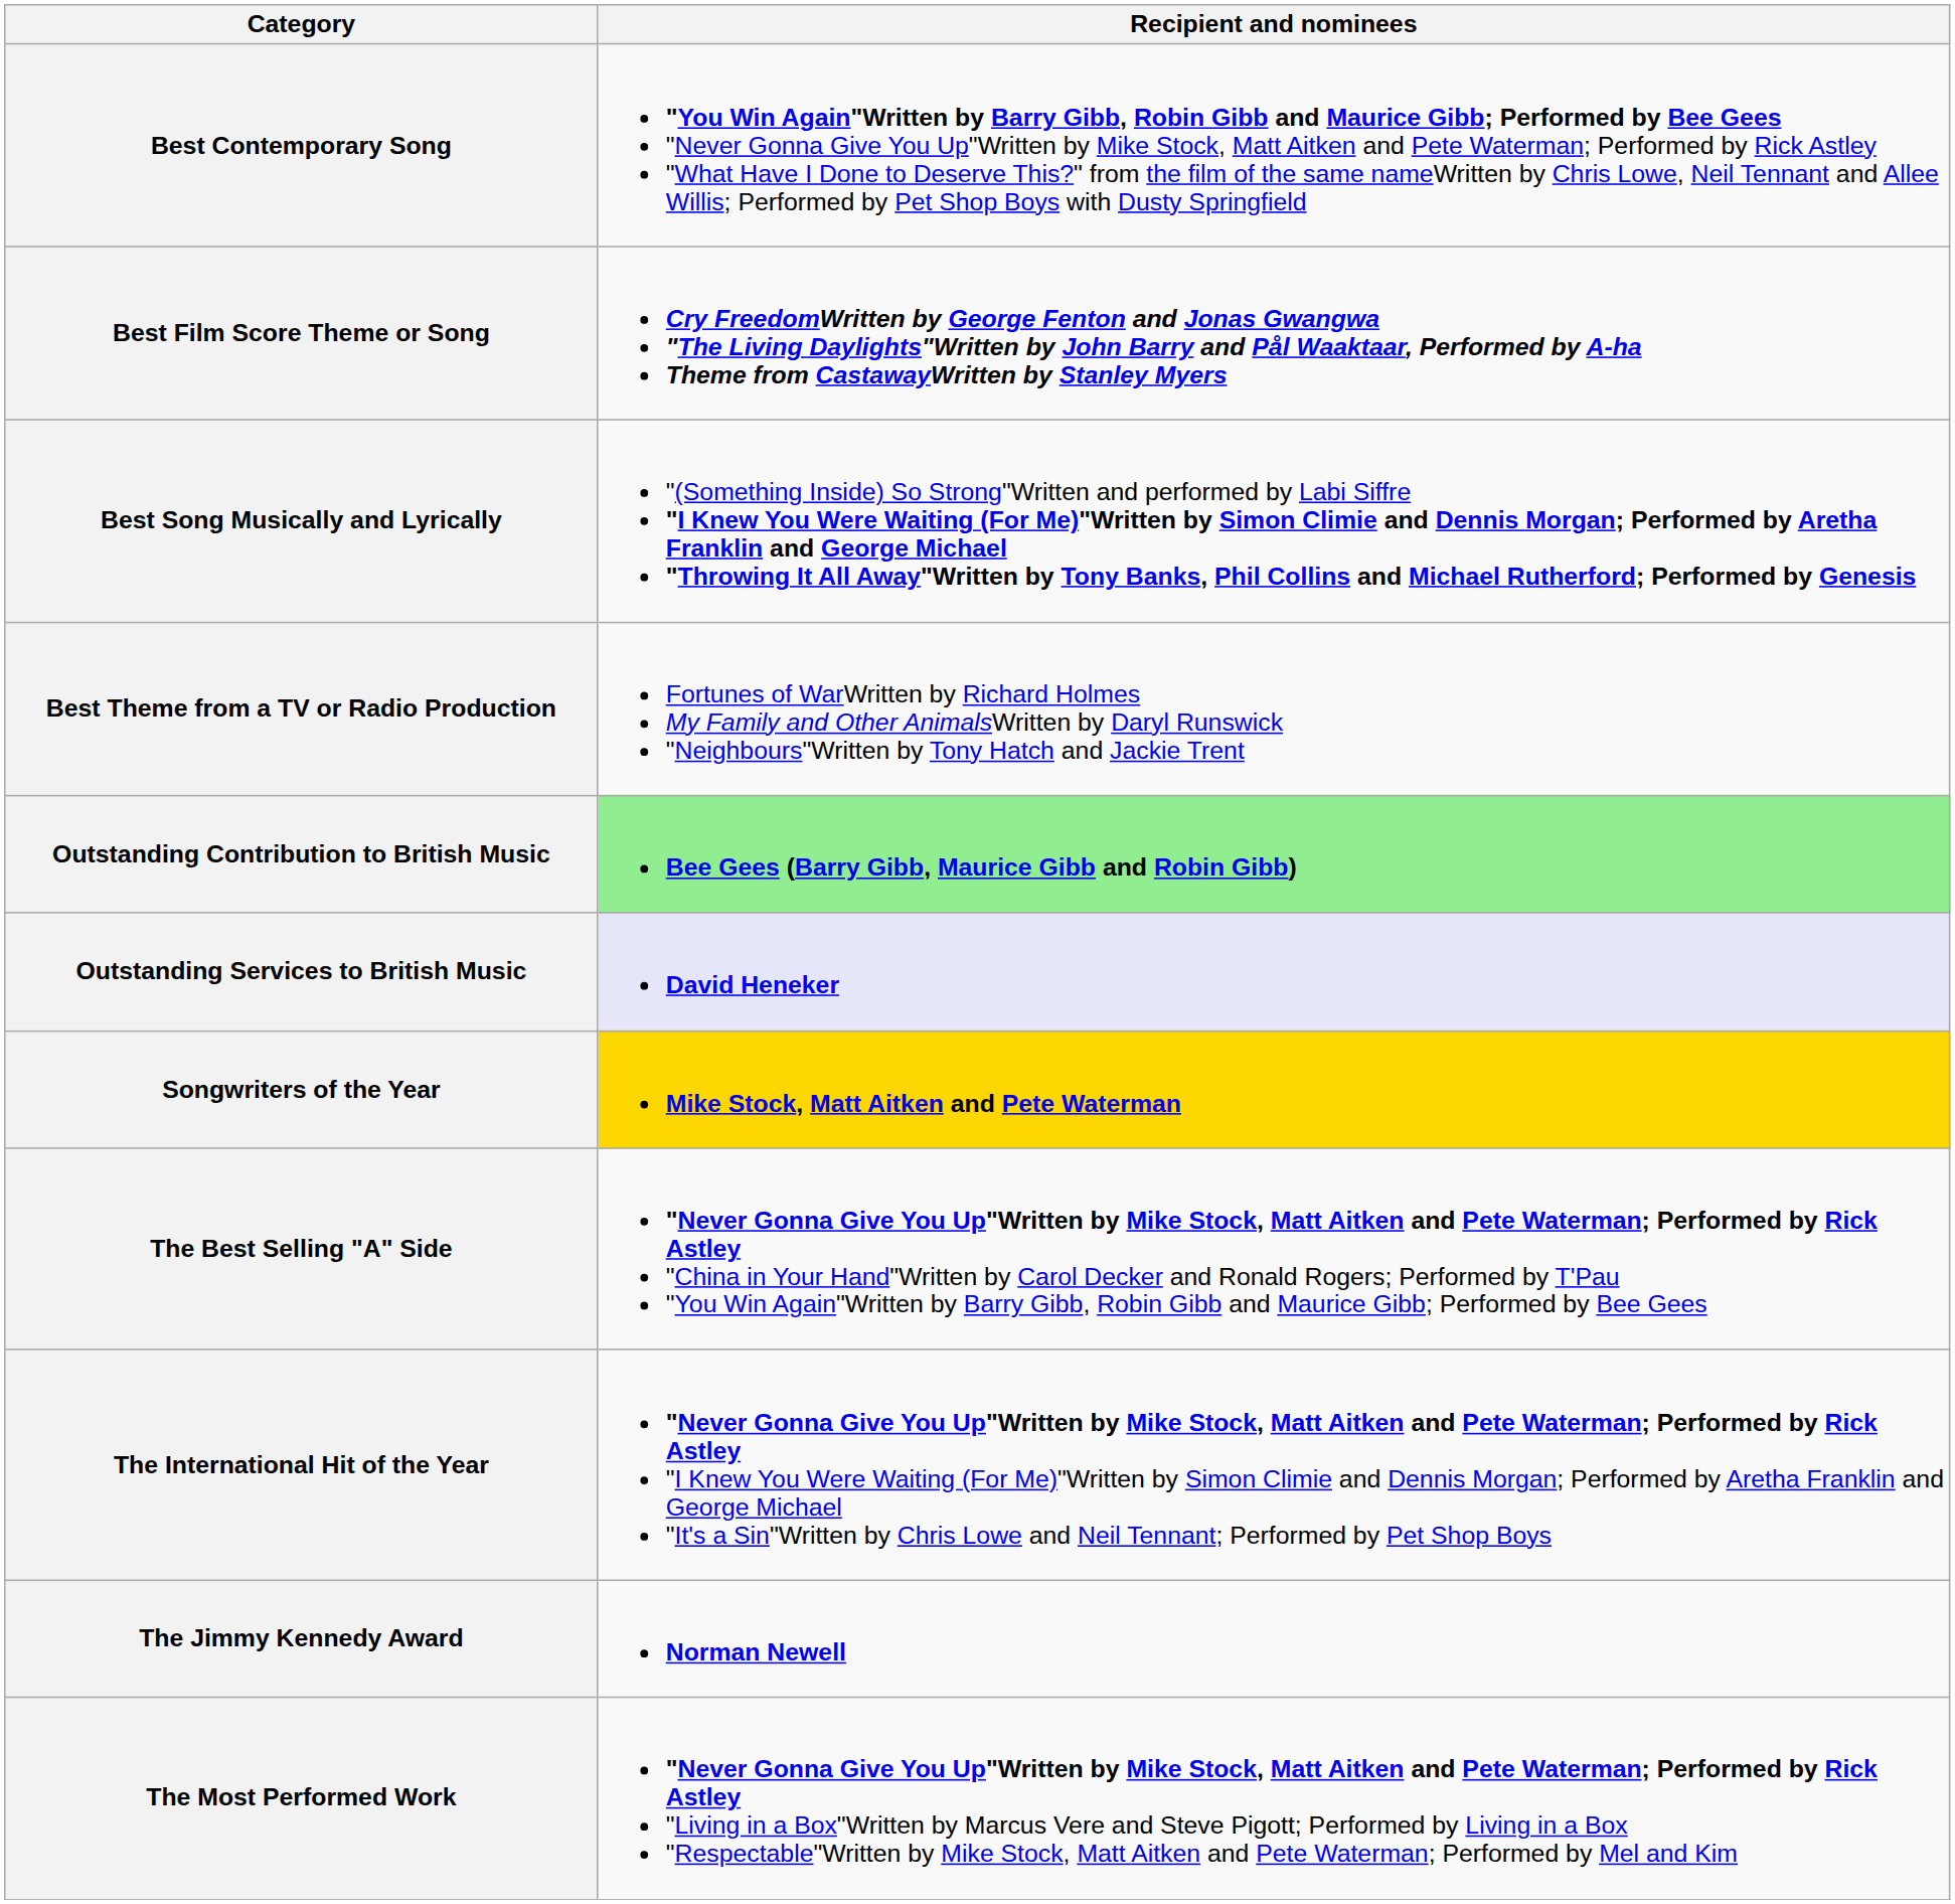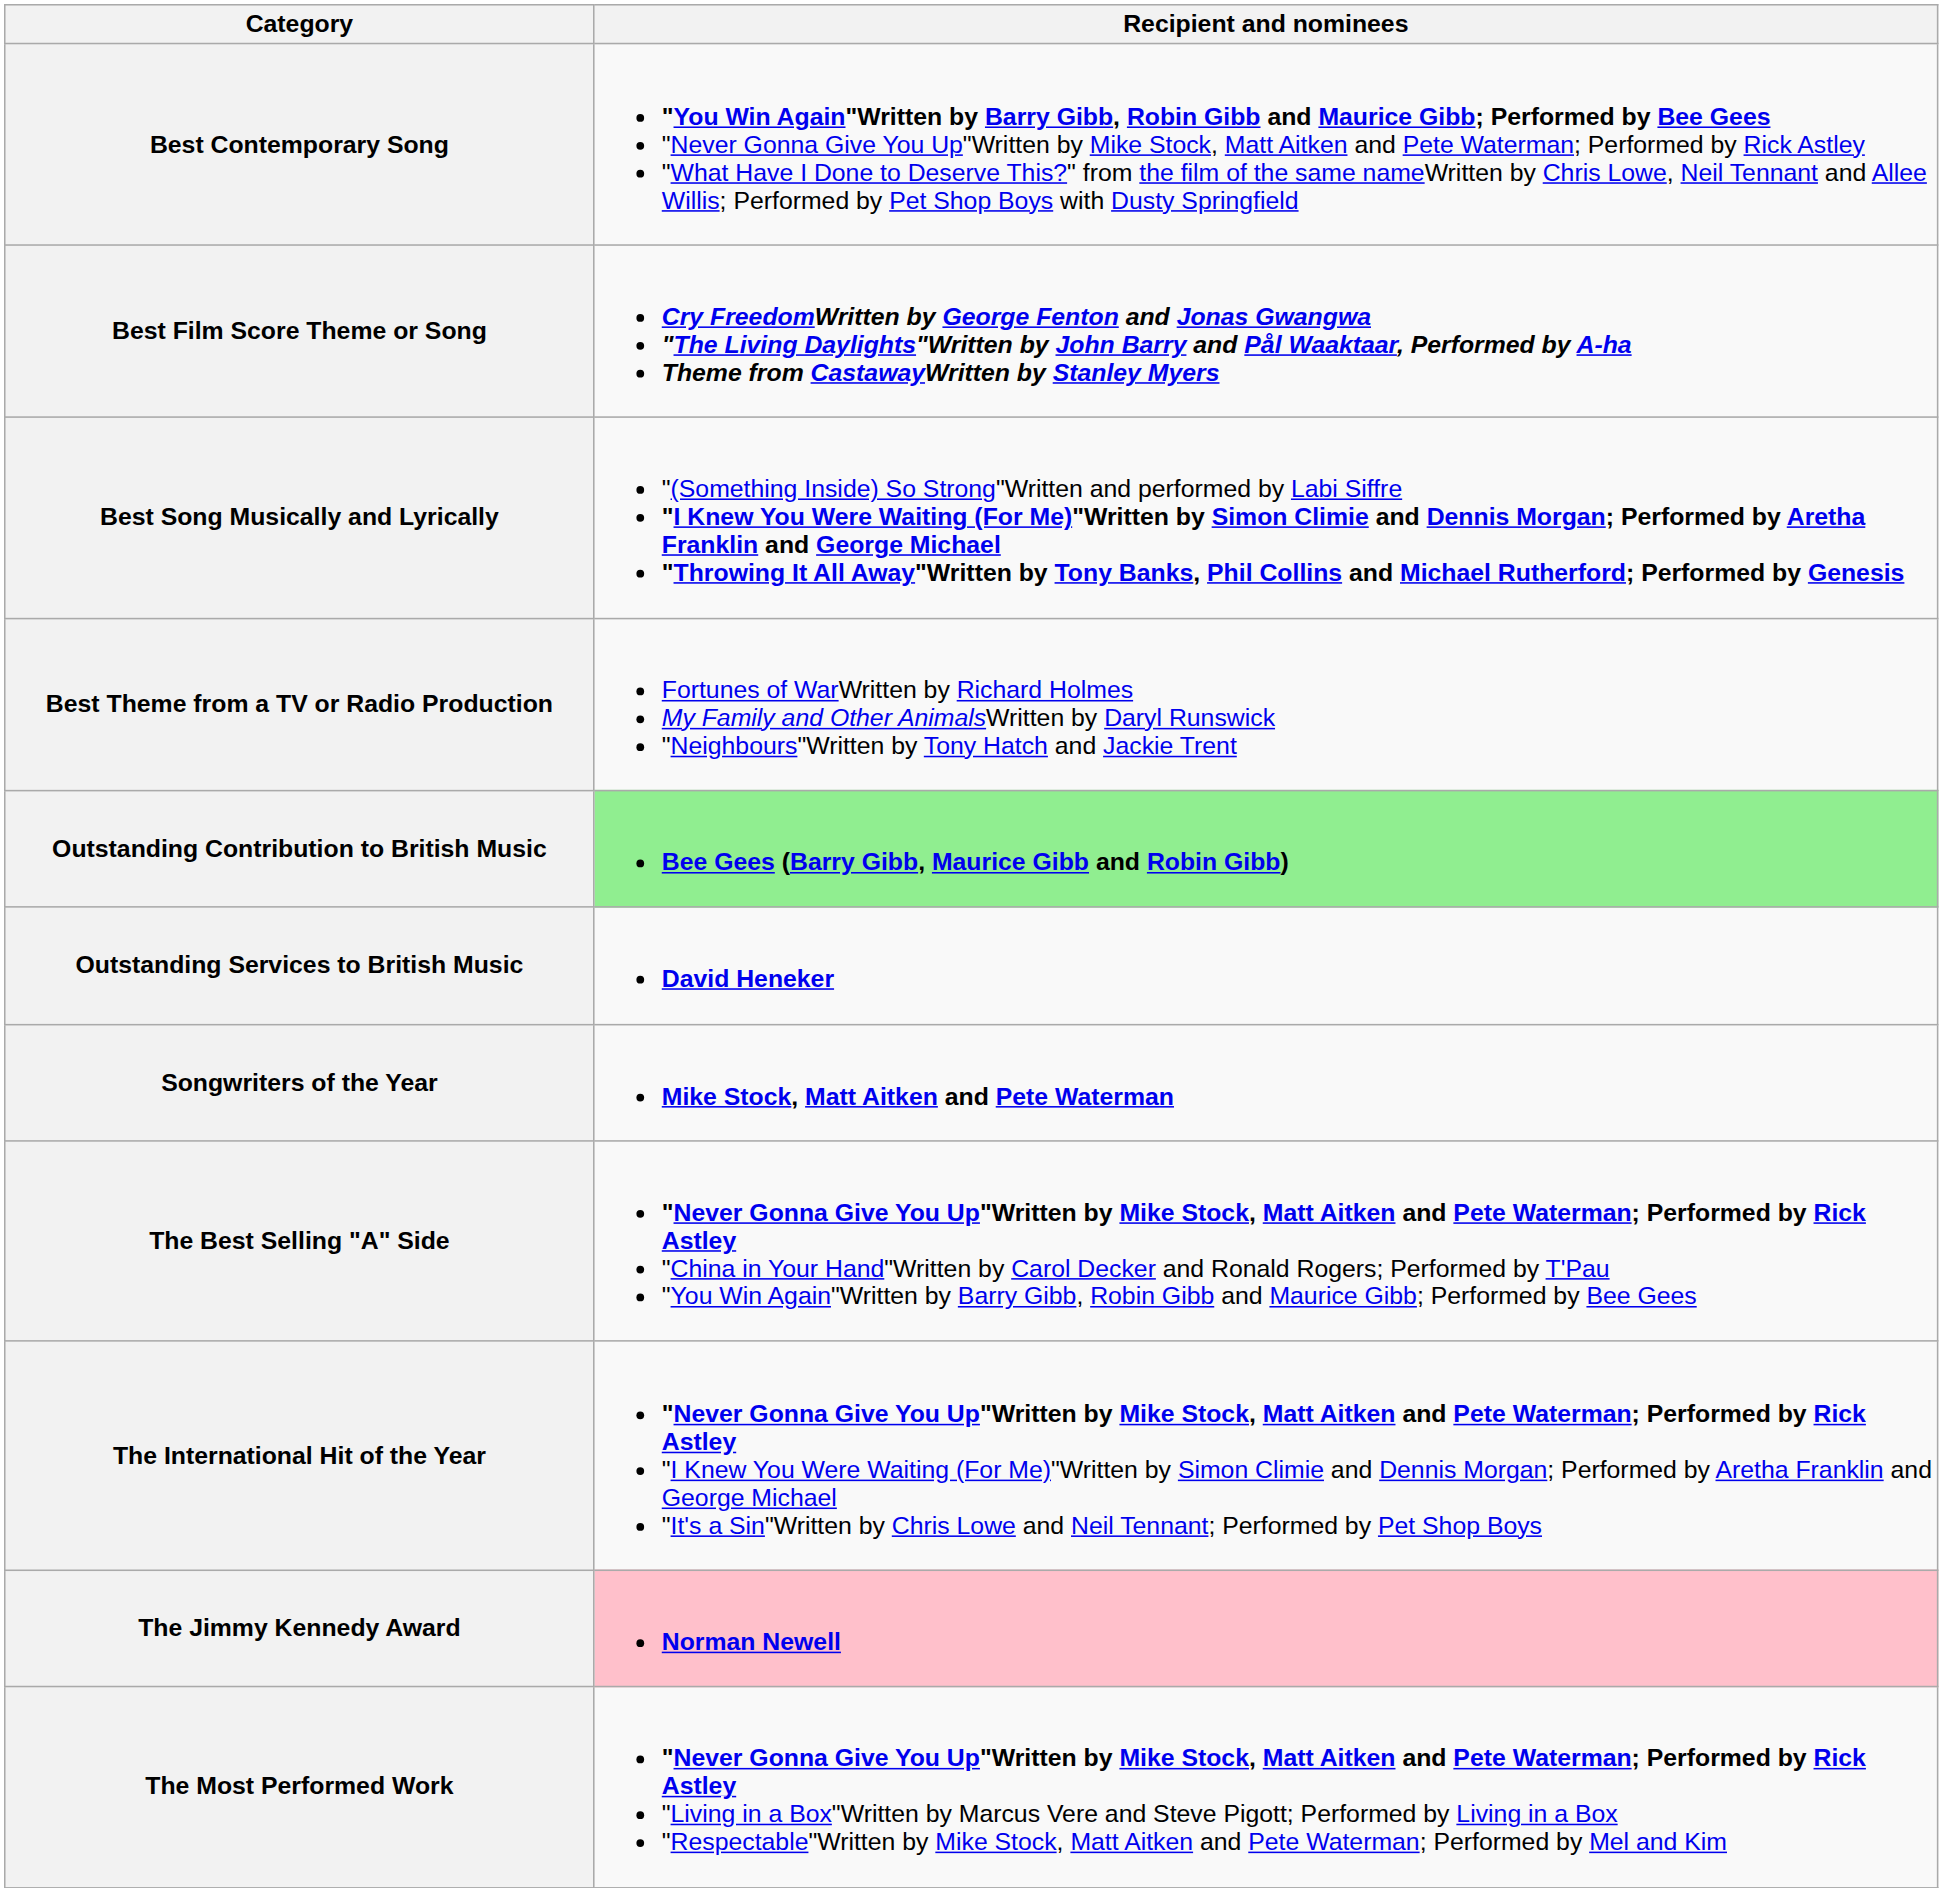 <table class="wikitable">
 <tr>
 <th width="25%">Category</th>
 <th width="57%">Recipient and nominees</th>
 </tr>
 <tr>
 <th scope="row">Best Contemporary Song</th>
 <td><br><ul><li><strong>"<a href='#'>You Win Again</a>"Written by <a href='#'>Barry Gibb</a>, <a href='#'>Robin Gibb</a> and <a href='#'>Maurice Gibb</a>; Performed by <a href='#'>Bee Gees</a></strong></li><li>"<a href='#'>Never Gonna Give You Up</a>"Written by <a href='#'>Mike Stock</a>, <a href='#'>Matt Aitken</a> and <a href='#'>Pete Waterman</a>; Performed by <a href='#'>Rick Astley</a></li><li>"<a href='#'>What Have I Done to Deserve This?</a>" from <a href='#'>the film of the same name</a>Written by <a href='#'>Chris Lowe</a>, <a href='#'>Neil Tennant</a> and <a href='#'>Allee Willis</a>; Performed by <a href='#'>Pet Shop Boys</a> with <a href='#'>Dusty Springfield</a></li></ul></td>
 </tr>
 <tr>
 <th scope="row">Best Film Score Theme or Song</th>
 <td><br><ul><li><strong><em><a href='#'>Cry Freedom</a><em>Written by <a href='#'>George Fenton</a> and <a href='#'>Jonas Gwangwa</a><strong></li><li>"<a href='#'>The Living Daylights</a>"Written by <a href='#'>John Barry</a> and <a href='#'>Pål Waaktaar</a>, Performed by <a href='#'>A-ha</a></li><li>Theme from </em><a href='#'>Castaway</a><em>Written by <a href='#'>Stanley Myers</a></li></ul></td>
 </tr>
 <tr>
 <th scope="row">Best Song Musically and Lyrically</th>
 <td><br><ul><li></strong>"<a href='#'>(Something Inside) So Strong</a>"Written and performed by <a href='#'>Labi Siffre</a><strong></li><li>"<a href='#'>I Knew You Were Waiting (For Me)</a>"Written by <a href='#'>Simon Climie</a> and <a href='#'>Dennis Morgan</a>; Performed by <a href='#'>Aretha Franklin</a> and <a href='#'>George Michael</a></li><li>"<a href='#'>Throwing It All Away</a>"Written by <a href='#'>Tony Banks</a>, <a href='#'>Phil Collins</a> and <a href='#'>Michael Rutherford</a>; Performed by <a href='#'>Genesis</a></li></ul></td>
 </tr>
 <tr>
 <th scope="row">Best Theme from a TV or Radio Production</th>
 <td><br><ul><li></em></strong><a href='#'>Fortunes of War</a></em>Written by <a href='#'>Richard Holmes</a></strong></li><li><em><a href='#'>My Family and Other Animals</a></em>Written by <a href='#'>Daryl Runswick</a></li><li>"<a href='#'>Neighbours</a>"Written by <a href='#'>Tony Hatch</a> and <a href='#'>Jackie Trent</a></li></ul></td>
 </tr>
 <tr>
 <th scope="row">Outstanding Contribution to British Music</th>
 <td style="background: lightgreen;"><br><ul><li><strong><a href='#'>Bee Gees</a> (<a href='#'>Barry Gibb</a>, <a href='#'>Maurice Gibb</a> and <a href='#'>Robin Gibb</a>)</strong></li></ul></td>
 </tr>
 <tr>
 <th scope="row">Outstanding Services to British Music</th>
-<td style="background: lavender;"><br><ul><li><strong><a href='#'>David Heneker</a></strong></li></ul></td>
+<td><br><ul><li><strong><a href='#'>David Heneker</a></strong></li></ul></td>
 </tr>
 <tr>
 <th scope="row">Songwriters of the Year</th>
-<td style="background: gold;"><br><ul><li><strong><a href='#'>Mike Stock</a>, <a href='#'>Matt Aitken</a> and <a href='#'>Pete Waterman</a></strong></li></ul></td>
+<td><br><ul><li><strong><a href='#'>Mike Stock</a>, <a href='#'>Matt Aitken</a> and <a href='#'>Pete Waterman</a></strong></li></ul></td>
 </tr>
 <tr>
 <th scope="row">The Best Selling "A" Side</th>
 <td><br><ul><li><strong>"<a href='#'>Never Gonna Give You Up</a>"Written by <a href='#'>Mike Stock</a>, <a href='#'>Matt Aitken</a> and <a href='#'>Pete Waterman</a>; Performed by <a href='#'>Rick Astley</a></strong></li><li>"<a href='#'>China in Your Hand</a>"Written by <a href='#'>Carol Decker</a> and Ronald Rogers; Performed by <a href='#'>T'Pau</a></li><li>"<a href='#'>You Win Again</a>"Written by <a href='#'>Barry Gibb</a>, <a href='#'>Robin Gibb</a> and <a href='#'>Maurice Gibb</a>; Performed by <a href='#'>Bee Gees</a></li></ul></td>
 </tr>
 <tr>
 <th scope="row">The International Hit of the Year</th>
 <td><br><ul><li><strong>"<a href='#'>Never Gonna Give You Up</a>"Written by <a href='#'>Mike Stock</a>, <a href='#'>Matt Aitken</a> and <a href='#'>Pete Waterman</a>; Performed by <a href='#'>Rick Astley</a></strong></li><li>"<a href='#'>I Knew You Were Waiting (For Me)</a>"Written by <a href='#'>Simon Climie</a> and <a href='#'>Dennis Morgan</a>; Performed by <a href='#'>Aretha Franklin</a> and <a href='#'>George Michael</a></li><li>"<a href='#'>It's a Sin</a>"Written by <a href='#'>Chris Lowe</a> and <a href='#'>Neil Tennant</a>; Performed by <a href='#'>Pet Shop Boys</a></li></ul></td>
 </tr>
 <tr>
 <th scope="row">The Jimmy Kennedy Award</th>
-<td><br><ul><li><strong><a href='#'>Norman Newell</a></strong></li></ul></td>
+<td style="background: pink;"><br><ul><li><strong><a href='#'>Norman Newell</a></strong></li></ul></td>
 </tr>
 <tr>
 <th scope="row">The Most Performed Work</th>
 <td><br><ul><li><strong>"<a href='#'>Never Gonna Give You Up</a>"Written by <a href='#'>Mike Stock</a>, <a href='#'>Matt Aitken</a> and <a href='#'>Pete Waterman</a>; Performed by <a href='#'>Rick Astley</a></strong></li><li>"<a href='#'>Living in a Box</a>"Written by Marcus Vere and Steve Pigott; Performed by <a href='#'>Living in a Box</a></li><li>"<a href='#'>Respectable</a>"Written by <a href='#'>Mike Stock</a>, <a href='#'>Matt Aitken</a> and <a href='#'>Pete Waterman</a>; Performed by <a href='#'>Mel and Kim</a></li></ul></td>
 </tr>
 <tr>
 </tr>
 </table>
